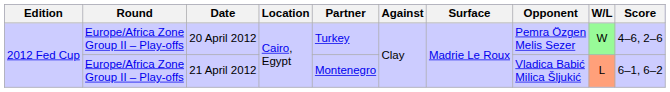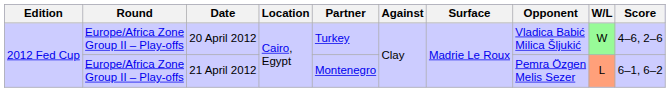 <table class=wikitable style=font-size:97%;background:#ccf>
 <tr>
 <th>Edition</th>
 <th>Round</th>
 <th>Date</th>
 <th>Location</th>
 <th>Partner</th>
 <th>Against</th>
 <th>Surface</th>
 <th>Opponent</th>
 <th>W/L</th>
 <th>Score</th>
 </tr>
 <tr>
 <td rowspan=2><a href='#'>2012 Fed Cup</a></td>
 <td><a href='#'>Europe/Africa Zone<br> Group II – Play-offs</a></td>
 <td>20 April 2012</td>
 <td rowspan=2> <a href='#'>Cairo</a>, <br>Egypt</td>
 <td> <a href='#'>Turkey</a></td>
 <td rowspan=2>Clay</td>
 <td rowspan=2> <a href='#'>Madrie Le Roux</a></td>
-<td> <a href='#'>Pemra Özgen</a><br> <a href='#'>Melis Sezer</a></td>
+<td> <a href='#'>Vladica Babić</a><br> <a href='#'>Milica Šljukić</a></td>
 <td align=center bgcolor=98fb98>W</td>
 <td>4–6, 2–6</td>
 </tr>
 <tr>
 <td><a href='#'>Europe/Africa Zone<br> Group II – Play-offs</a></td>
 <td>21 April 2012</td>
 <td> <a href='#'>Montenegro</a></td>
-<td> <a href='#'>Vladica Babić</a><br> <a href='#'>Milica Šljukić</a></td>
+<td> <a href='#'>Pemra Özgen</a><br> <a href='#'>Melis Sezer</a></td>
 <td align=center bgcolor=ffa07a>L</td>
 <td>6–1, 6–2</td>
 </tr>
 </table>
